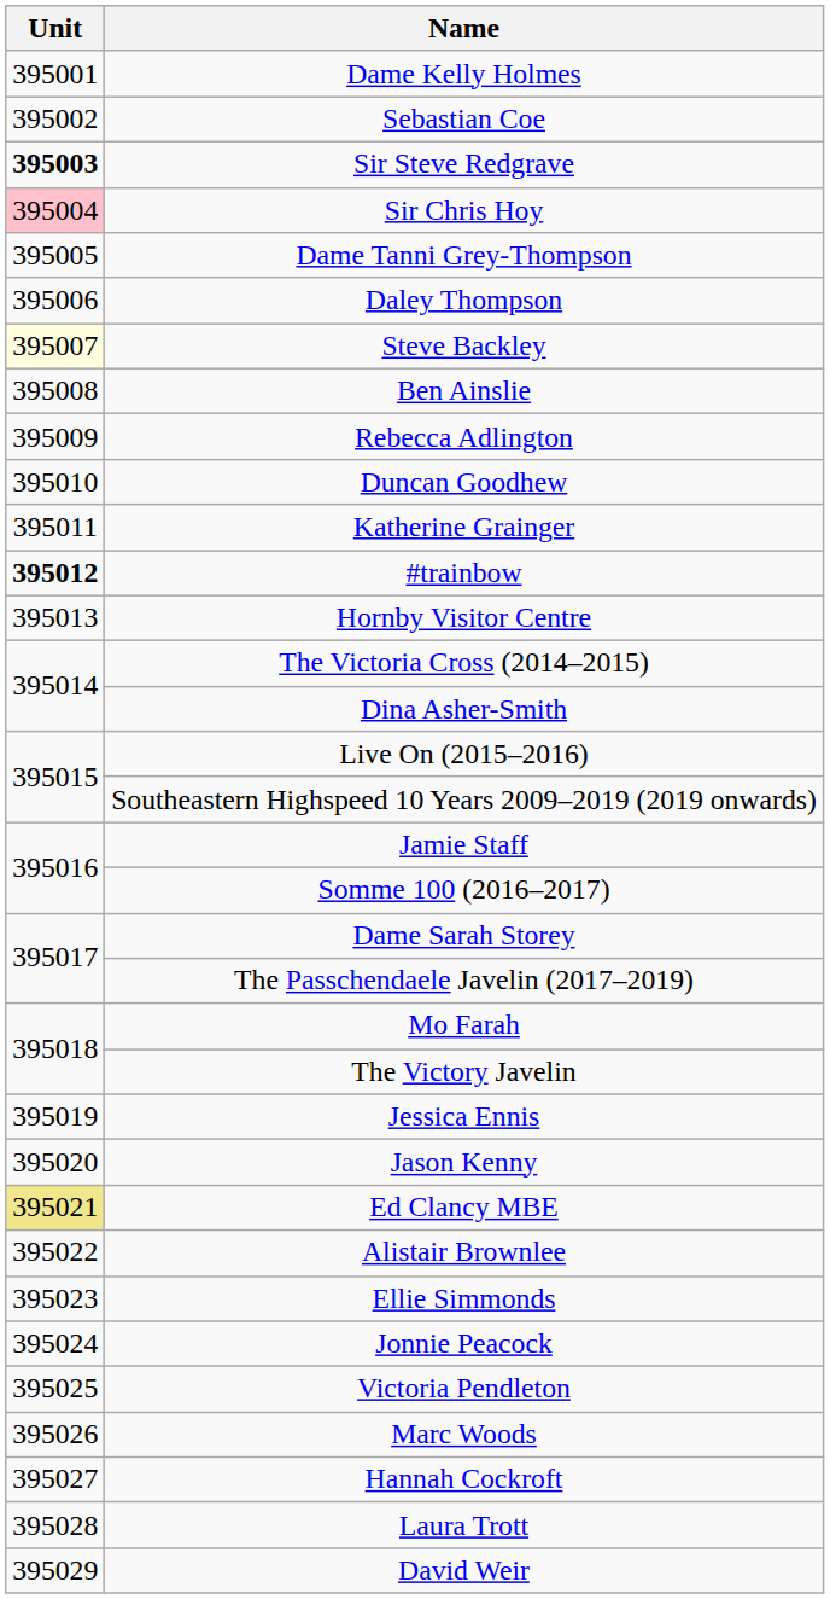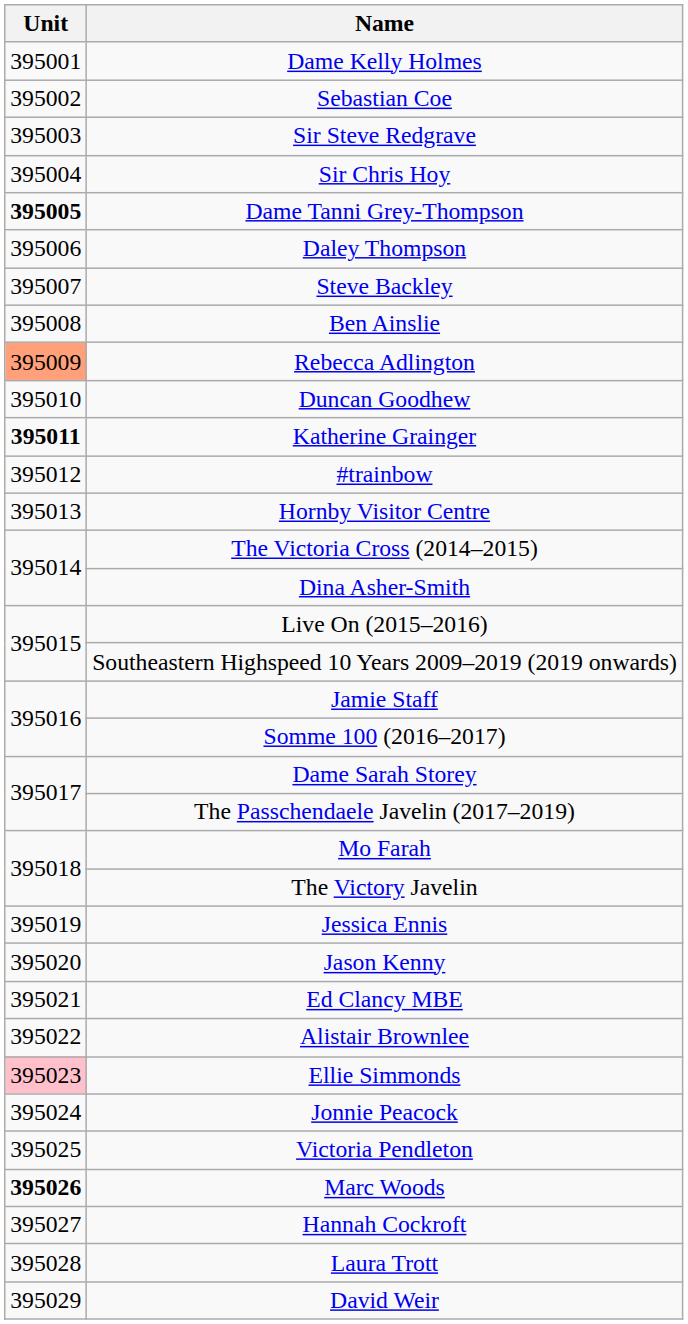 <table class="wikitable">
 <tr>
 <th>Unit</th>
 <th>Name</th>
 </tr>
 <tr>
 <td align=center>395001</td>
 <td align=center><a href='#'>Dame Kelly Holmes</a></td>
 </tr>
 <tr>
 <td align=center>395002</td>
 <td align=center><a href='#'>Sebastian Coe</a></td>
 </tr>
 <tr>
-<td align=center><strong>395003</strong></td>
+<td align=center>395003</td>
 <td align=center><a href='#'>Sir Steve Redgrave</a></td>
 </tr>
 <tr>
-<td align=center style="background: pink;">395004</td>
+<td align=center>395004</td>
 <td align=center><a href='#'>Sir Chris Hoy</a></td>
 </tr>
 <tr>
-<td align=center>395005</td>
+<td align=center><strong>395005</strong></td>
 <td align=center><a href='#'>Dame Tanni Grey-Thompson</a></td>
 </tr>
 <tr>
 <td align=center>395006</td>
 <td align=center><a href='#'>Daley Thompson</a></td>
 </tr>
 <tr>
-<td align=center style="background: lightyellow;">395007</td>
+<td align=center>395007</td>
 <td align=center><a href='#'>Steve Backley</a></td>
 </tr>
 <tr>
 <td align=center>395008</td>
 <td align=center><a href='#'>Ben Ainslie</a></td>
 </tr>
 <tr>
-<td align=center>395009</td>
+<td align=center style="background: lightsalmon;">395009</td>
 <td align=center><a href='#'>Rebecca Adlington</a></td>
 </tr>
 <tr>
 <td align=center>395010</td>
 <td align=center><a href='#'>Duncan Goodhew</a></td>
 </tr>
 <tr>
-<td align=center>395011</td>
+<td align=center><strong>395011</strong></td>
 <td align=center><a href='#'>Katherine Grainger</a></td>
 </tr>
 <tr>
-<td align=center><strong>395012</strong></td>
+<td align=center>395012</td>
 <td align=center><a href='#'>#trainbow</a></td>
 </tr>
 <tr>
 <td align=center>395013</td>
 <td align=center><a href='#'>Hornby Visitor Centre</a></td>
 </tr>
 <tr>
 <td rowspan=2 align=center>395014</td>
 <td align=center><a href='#'>The Victoria Cross</a> (2014–2015)</td>
 </tr>
 <tr>
 <td align=center><a href='#'>Dina Asher-Smith</a></td>
 </tr>
 <tr>
 <td rowspan=2 align=center>395015</td>
 <td align=center>Live On (2015–2016)</td>
 </tr>
 <tr>
 <td align=center>Southeastern Highspeed 10 Years 2009–2019 (2019 onwards)</td>
 </tr>
 <tr>
 <td rowspan=2 align=center>395016</td>
 <td align=center><a href='#'>Jamie Staff</a></td>
 </tr>
 <tr>
 <td align=center><a href='#'>Somme 100</a> (2016–2017)</td>
 </tr>
 <tr>
 <td rowspan=2 align=center>395017</td>
 <td align=center><a href='#'>Dame Sarah Storey</a></td>
 </tr>
 <tr>
 <td align=center>The <a href='#'>Passchendaele</a> Javelin (2017–2019)</td>
 </tr>
 <tr>
 <td rowspan=2 align=center>395018</td>
 <td align=center><a href='#'>Mo Farah</a></td>
 </tr>
 <tr>
 <td align=center>The <a href='#'>Victory</a> Javelin</td>
 </tr>
 <tr>
 <td align=center>395019</td>
 <td align=center><a href='#'>Jessica Ennis</a></td>
 </tr>
 <tr>
 <td align=center>395020</td>
 <td align=center><a href='#'>Jason Kenny</a></td>
 </tr>
 <tr>
-<td align=center style="background: khaki;">395021</td>
+<td align=center>395021</td>
 <td align=center><a href='#'>Ed Clancy MBE</a></td>
 </tr>
 <tr>
 <td align=center>395022</td>
 <td align=center><a href='#'>Alistair Brownlee</a></td>
 </tr>
 <tr>
-<td align=center>395023</td>
+<td align=center style="background: pink;">395023</td>
 <td align=center><a href='#'>Ellie Simmonds</a></td>
 </tr>
 <tr>
 <td align=center>395024</td>
 <td align=center><a href='#'>Jonnie Peacock</a></td>
 </tr>
 <tr>
 <td align=center>395025</td>
 <td align=center><a href='#'>Victoria Pendleton</a></td>
 </tr>
 <tr>
-<td align=center>395026</td>
+<td align=center><strong>395026</strong></td>
 <td align=center><a href='#'>Marc Woods</a></td>
 </tr>
 <tr>
 <td align=center>395027</td>
 <td align=center><a href='#'>Hannah Cockroft</a></td>
 </tr>
 <tr>
 <td align=center>395028</td>
 <td align=center><a href='#'>Laura Trott</a></td>
 </tr>
 <tr>
 <td align=center>395029</td>
 <td align=center><a href='#'>David Weir</a></td>
 </tr>
 </table>
